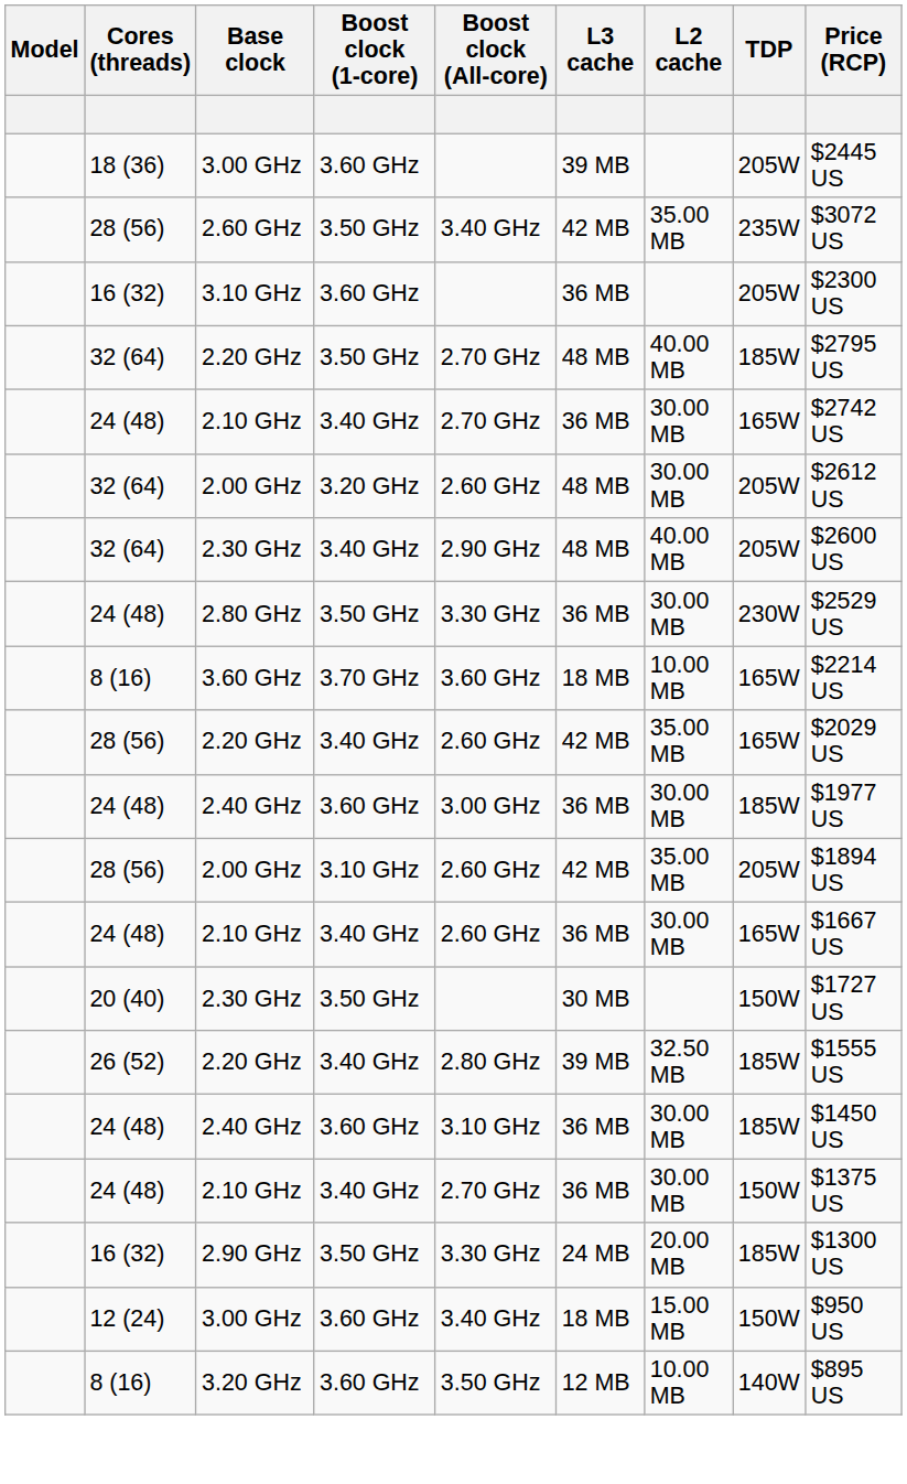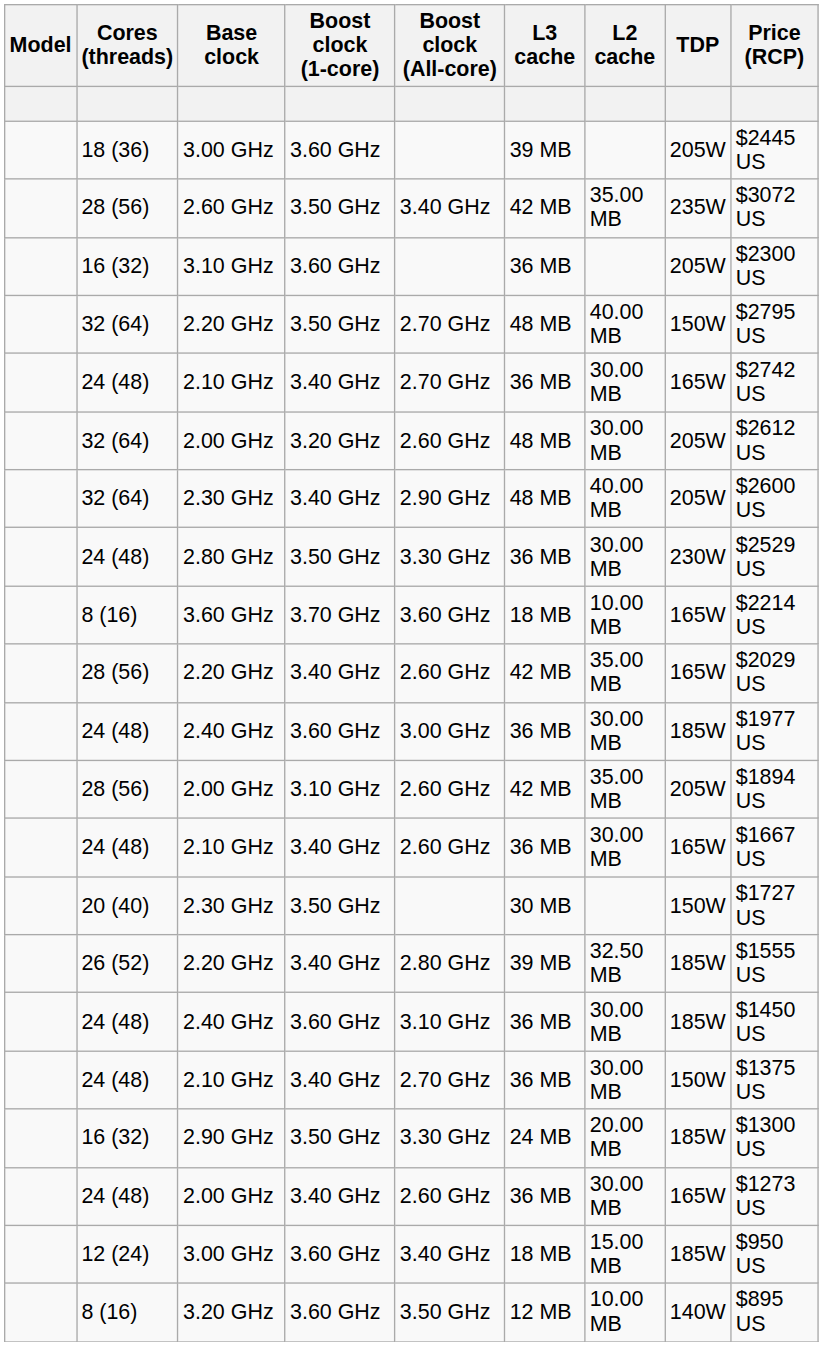 <table class="mw-datatable wikitable sortable">
 <tr>
 <th>Model</th>
 <th>Cores<br>(threads)</th>
 <th>Base clock</th>
 <th>Boost clock<br>(1-core)</th>
 <th>Boost clock<br>(All-core)</th>
 <th>L3 cache</th>
 <th>L2 cache</th>
 <th>TDP</th>
 <th>Price (RCP)</th>
 </tr>
 <tr>
 <th style="background-position:center"><br></th>
 <th style="background-position:center"></th>
 <th style="background-position:center"></th>
 <th style="background-position:center"></th>
 <th style="background-position:center"></th>
 <th style="background-position:center"></th>
 <th style="background-position:center"></th>
 <th style="background-position:center"></th>
 <th style="background-position:center"></th>
 </tr>
 <tr>
 <td></td>
 <td>18 (36)</td>
 <td>3.00 GHz</td>
 <td>3.60 GHz</td>
 <td></td>
 <td>39 MB</td>
 <td></td>
 <td>205W</td>
 <td>$2445 US</td>
 </tr>
 <tr>
 <td></td>
 <td>28 (56)</td>
 <td>2.60 GHz</td>
 <td>3.50 GHz</td>
 <td>3.40 GHz</td>
 <td>42 MB</td>
 <td>35.00 MB</td>
 <td>235W</td>
 <td>$3072 US</td>
 </tr>
 <tr>
 <td></td>
 <td>16 (32)</td>
 <td>3.10 GHz</td>
 <td>3.60 GHz</td>
 <td></td>
 <td>36 MB</td>
 <td></td>
 <td>205W</td>
 <td>$2300 US</td>
 </tr>
 <tr>
 <td></td>
 <td>32 (64)</td>
 <td>2.20 GHz</td>
 <td>3.50 GHz</td>
 <td>2.70 GHz</td>
 <td>48 MB</td>
 <td>40.00 MB</td>
-<td>185W</td>
+<td>150W</td>
 <td>$2795 US</td>
 </tr>
 <tr>
 <td></td>
 <td>24 (48)</td>
 <td>2.10 GHz</td>
 <td>3.40 GHz</td>
 <td>2.70 GHz</td>
 <td>36 MB</td>
 <td>30.00 MB</td>
 <td>165W</td>
 <td>$2742 US</td>
 </tr>
 <tr>
 <td></td>
 <td>32 (64)</td>
 <td>2.00 GHz</td>
 <td>3.20 GHz</td>
 <td>2.60 GHz</td>
 <td>48 MB</td>
 <td>30.00 MB</td>
 <td>205W</td>
 <td>$2612 US</td>
 </tr>
 <tr>
 <td></td>
 <td>32 (64)</td>
 <td>2.30 GHz</td>
 <td>3.40 GHz</td>
 <td>2.90 GHz</td>
 <td>48 MB</td>
 <td>40.00 MB</td>
 <td>205W</td>
 <td>$2600 US</td>
 </tr>
 <tr>
 <td></td>
 <td>24 (48)</td>
 <td>2.80 GHz</td>
 <td>3.50 GHz</td>
 <td>3.30 GHz</td>
 <td>36 MB</td>
 <td>30.00 MB</td>
 <td>230W</td>
 <td>$2529 US</td>
 </tr>
 <tr>
 <td></td>
 <td>8 (16)</td>
 <td>3.60 GHz</td>
 <td>3.70 GHz</td>
 <td>3.60 GHz</td>
 <td>18 MB</td>
 <td>10.00 MB</td>
 <td>165W</td>
 <td>$2214 US</td>
 </tr>
 <tr>
 <td></td>
 <td>28 (56)</td>
 <td>2.20 GHz</td>
 <td>3.40 GHz</td>
 <td>2.60 GHz</td>
 <td>42 MB</td>
 <td>35.00 MB</td>
 <td>165W</td>
 <td>$2029 US</td>
 </tr>
 <tr>
 <td></td>
 <td>24 (48)</td>
 <td>2.40 GHz</td>
 <td>3.60 GHz</td>
 <td>3.00 GHz</td>
 <td>36 MB</td>
 <td>30.00 MB</td>
 <td>185W</td>
 <td>$1977 US</td>
 </tr>
 <tr>
 <td></td>
 <td>28 (56)</td>
 <td>2.00 GHz</td>
 <td>3.10 GHz</td>
 <td>2.60 GHz</td>
 <td>42 MB</td>
 <td>35.00 MB</td>
 <td>205W</td>
 <td>$1894 US</td>
 </tr>
 <tr>
 <td></td>
 <td>24 (48)</td>
 <td>2.10 GHz</td>
 <td>3.40 GHz</td>
 <td>2.60 GHz</td>
 <td>36 MB</td>
 <td>30.00 MB</td>
 <td>165W</td>
 <td>$1667 US</td>
 </tr>
 <tr>
 <td></td>
 <td>20 (40)</td>
 <td>2.30 GHz</td>
 <td>3.50 GHz</td>
 <td></td>
 <td>30 MB</td>
 <td></td>
 <td>150W</td>
 <td>$1727 US</td>
 </tr>
 <tr>
 <td></td>
 <td>26 (52)</td>
 <td>2.20 GHz</td>
 <td>3.40 GHz</td>
 <td>2.80 GHz</td>
 <td>39 MB</td>
 <td>32.50 MB</td>
 <td>185W</td>
 <td>$1555 US</td>
 </tr>
 <tr>
 <td></td>
 <td>24 (48)</td>
 <td>2.40 GHz</td>
 <td>3.60 GHz</td>
 <td>3.10 GHz</td>
 <td>36 MB</td>
 <td>30.00 MB</td>
 <td>185W</td>
 <td>$1450 US</td>
 </tr>
 <tr>
 <td></td>
 <td>24 (48)</td>
 <td>2.10 GHz</td>
 <td>3.40 GHz</td>
 <td>2.70 GHz</td>
 <td>36 MB</td>
 <td>30.00 MB</td>
 <td>150W</td>
 <td>$1375 US</td>
 </tr>
 <tr>
 <td></td>
 <td>16 (32)</td>
 <td>2.90 GHz</td>
 <td>3.50 GHz</td>
 <td>3.30 GHz</td>
 <td>24 MB</td>
 <td>20.00 MB</td>
 <td>185W</td>
 <td>$1300 US</td>
 </tr>
 <tr>
 <td></td>
+<td>24 (48)</td>
+<td>2.00 GHz</td>
+<td>3.40 GHz</td>
+<td>2.60 GHz</td>
+<td>36 MB</td>
+<td>30.00 MB</td>
+<td>165W</td>
+<td>$1273 US</td>
+</tr>
+<tr>
+<td></td>
 <td>12 (24)</td>
 <td>3.00 GHz</td>
 <td>3.60 GHz</td>
 <td>3.40 GHz</td>
 <td>18 MB</td>
 <td>15.00 MB</td>
-<td>150W</td>
+<td>185W</td>
 <td>$950 US</td>
 </tr>
 <tr>
 <td></td>
 <td>8 (16)</td>
 <td>3.20 GHz</td>
 <td>3.60 GHz</td>
 <td>3.50 GHz</td>
 <td>12 MB</td>
 <td>10.00 MB</td>
 <td>140W</td>
 <td>$895 US</td>
 </tr>
 </table>
